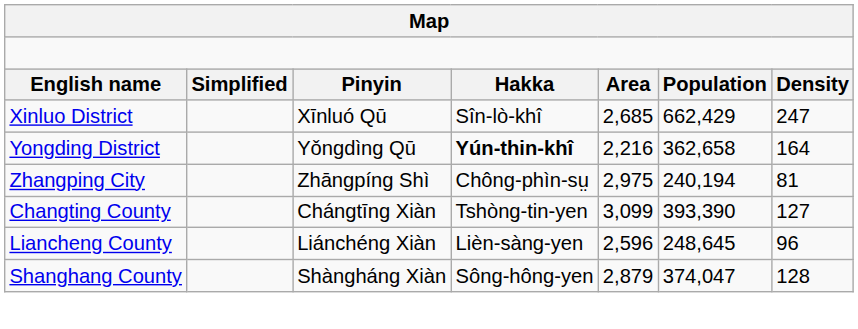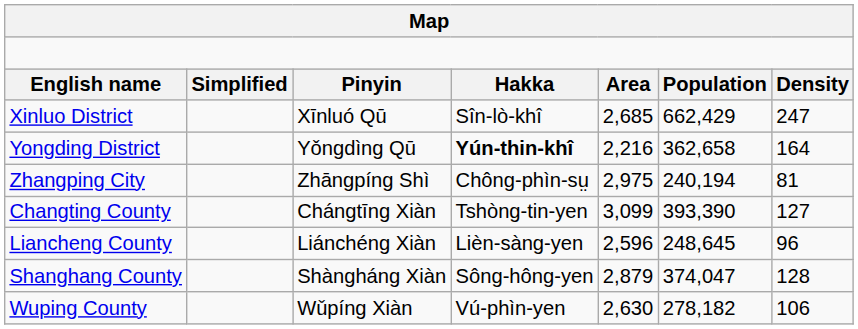 <table class="wikitable"  style="font-size:90%;">
 <tr>
 <th colspan="7">Map</th>
 </tr>
 <tr>
 <td colspan="7"><div><br>         </div></td>
 </tr>
 <tr>
 <th>English name</th>
 <th>Simplified</th>
 <th>Pinyin</th>
 <th>Hakka</th>
 <th>Area</th>
 <th>Population</th>
 <th>Density</th>
 </tr>
 <tr>
 <td><a href='#'>Xinluo District</a></td>
 <td></td>
 <td>Xīnluó Qū</td>
 <td>Sîn-lò-khî</td>
 <td>2,685</td>
 <td>662,429</td>
 <td>247</td>
 </tr>
 <tr>
 <td><a href='#'>Yongding District</a></td>
 <td></td>
 <td>Yǒngdìng Qū</td>
 <td><strong>Yún-thin-khî</strong></td>
 <td>2,216</td>
 <td>362,658</td>
 <td>164</td>
 </tr>
 <tr>
 <td><a href='#'>Zhangping City</a></td>
 <td></td>
 <td>Zhāngpíng Shì</td>
 <td>Chông-phìn-sṳ</td>
 <td>2,975</td>
 <td>240,194</td>
 <td>81</td>
 </tr>
 <tr>
 <td><a href='#'>Changting County</a></td>
 <td></td>
 <td>Chángtīng Xiàn</td>
 <td>Tshòng-tin-yen</td>
 <td>3,099</td>
 <td>393,390</td>
 <td>127</td>
 </tr>
 <tr>
 <td><a href='#'>Liancheng County</a></td>
 <td></td>
 <td>Liánchéng Xiàn</td>
 <td>Lièn-sàng-yen</td>
 <td>2,596</td>
 <td>248,645</td>
 <td>96</td>
 </tr>
 <tr>
 <td><a href='#'>Shanghang County</a></td>
 <td></td>
 <td>Shàngháng Xiàn</td>
 <td>Sông-hông-yen</td>
 <td>2,879</td>
 <td>374,047</td>
 <td>128</td>
 </tr>
+<tr>
+<td><a href='#'>Wuping County</a></td>
+<td></td>
+<td>Wǔpíng Xiàn</td>
+<td>Vú-phìn-yen</td>
+<td>2,630</td>
+<td>278,182</td>
+<td>106</td>
+</tr>
 </table>
